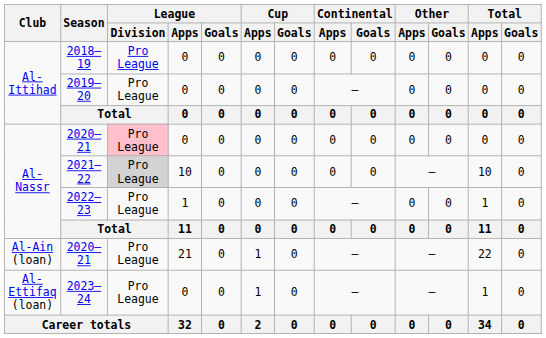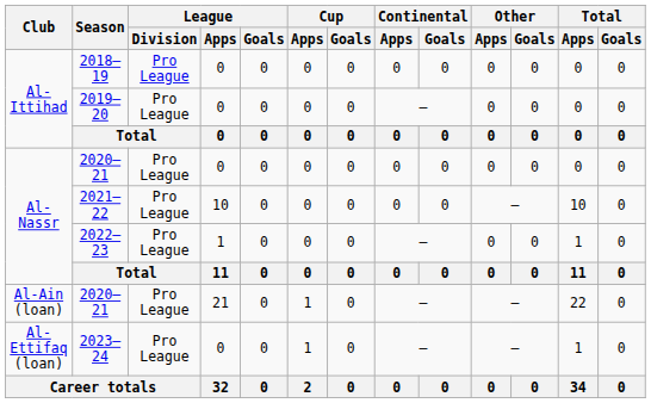 <table class="wikitable" style="text-align: center">
 <tr>
 <th rowspan="2">Club</th>
 <th rowspan="2">Season</th>
 <th colspan="3">League</th>
 <th colspan="2">Cup</th>
 <th colspan="2">Continental</th>
 <th colspan="2">Other</th>
 <th colspan="2">Total</th>
 </tr>
 <tr>
 <th>Division</th>
 <th>Apps</th>
 <th>Goals</th>
 <th>Apps</th>
 <th>Goals</th>
 <th>Apps</th>
 <th>Goals</th>
 <th>Apps</th>
 <th>Goals</th>
 <th>Apps</th>
 <th>Goals</th>
 </tr>
 <tr>
 <td rowspan=3><a href='#'>Al-Ittihad</a></td>
 <td><a href='#'>2018–19</a></td>
 <td><a href='#'>Pro League</a></td>
 <td>0</td>
 <td>0</td>
 <td>0</td>
 <td>0</td>
 <td>0</td>
 <td>0</td>
 <td>0</td>
 <td>0</td>
 <td>0</td>
 <td>0</td>
 </tr>
 <tr>
 <td><a href='#'>2019–20</a></td>
 <td>Pro League</td>
 <td>0</td>
 <td>0</td>
 <td>0</td>
 <td>0</td>
 <td colspan="2">—</td>
 <td>0</td>
 <td>0</td>
 <td>0</td>
 <td>0</td>
 </tr>
 <tr>
 <th colspan="2">Total</th>
 <th>0</th>
 <th>0</th>
 <th>0</th>
 <th>0</th>
 <th>0</th>
 <th>0</th>
 <th>0</th>
 <th>0</th>
 <th>0</th>
 <th>0</th>
 </tr>
 <tr>
 <td rowspan=4><a href='#'>Al-Nassr</a></td>
 <td><a href='#'>2020–21</a></td>
-<td style="background: pink;">Pro League</td>
+<td>Pro League</td>
 <td>0</td>
 <td>0</td>
 <td>0</td>
 <td>0</td>
 <td>0</td>
 <td>0</td>
 <td>0</td>
 <td>0</td>
 <td>0</td>
 <td>0</td>
 </tr>
 <tr>
 <td><a href='#'>2021–22</a></td>
-<td style="background: lightgrey;">Pro League</td>
+<td>Pro League</td>
 <td>10</td>
 <td>0</td>
 <td>0</td>
 <td>0</td>
 <td>0</td>
 <td>0</td>
 <td colspan="2">—</td>
 <td>10</td>
 <td>0</td>
 </tr>
 <tr>
 <td><a href='#'>2022–23</a></td>
 <td>Pro League</td>
 <td>1</td>
 <td>0</td>
 <td>0</td>
 <td>0</td>
 <td colspan="2">—</td>
 <td>0</td>
 <td>0</td>
 <td>1</td>
 <td>0</td>
 </tr>
 <tr>
 <th colspan="2">Total</th>
 <th>11</th>
 <th>0</th>
 <th>0</th>
 <th>0</th>
 <th>0</th>
 <th>0</th>
 <th>0</th>
 <th>0</th>
 <th>11</th>
 <th>0</th>
 </tr>
 <tr>
 <td rowspan=1><a href='#'>Al-Ain</a> (loan)</td>
 <td><a href='#'>2020–21</a></td>
 <td>Pro League</td>
 <td>21</td>
 <td>0</td>
 <td>1</td>
 <td>0</td>
 <td colspan=2>—</td>
 <td colspan=2>—</td>
 <td>22</td>
 <td>0</td>
 </tr>
 <tr>
 <td rowspan=1><a href='#'>Al-Ettifaq</a> (loan)</td>
 <td><a href='#'>2023–24</a></td>
 <td>Pro League</td>
 <td>0</td>
 <td>0</td>
 <td>1</td>
 <td>0</td>
 <td colspan=2>—</td>
 <td colspan=2>—</td>
 <td>1</td>
 <td>0</td>
 </tr>
 <tr>
 <th colspan=3>Career totals</th>
 <th>32</th>
 <th>0</th>
 <th>2</th>
 <th>0</th>
 <th>0</th>
 <th>0</th>
 <th>0</th>
 <th>0</th>
 <th>34</th>
 <th>0</th>
 </tr>
 </table>
